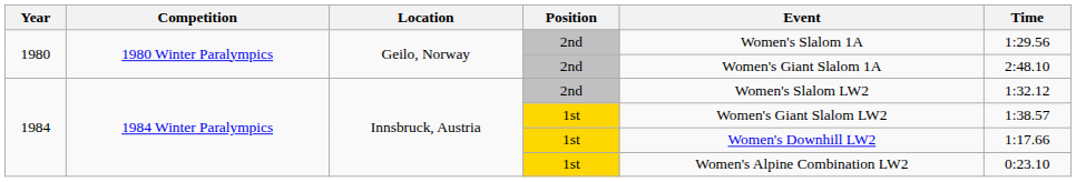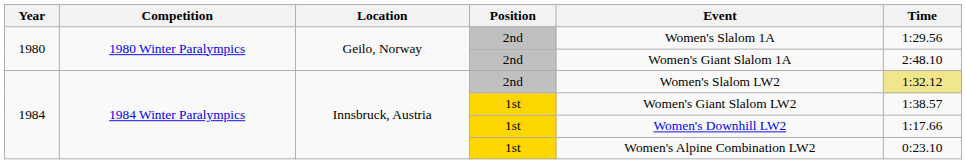 <table class="wikitable" width=65% style="font-size:90%; text-align:center;">
 <tr>
 <th>Year</th>
 <th>Competition</th>
 <th>Location</th>
 <th>Position</th>
 <th>Event</th>
 <th>Time</th>
 </tr>
 <tr>
 <td rowspan=2>1980</td>
 <td rowspan=2><a href='#'>1980 Winter Paralympics</a></td>
 <td rowspan=2>Geilo, Norway</td>
 <td bgcolor=silver>2nd</td>
 <td>Women's Slalom 1A</td>
 <td>1:29.56</td>
 </tr>
 <tr>
 <td bgcolor=silver>2nd</td>
 <td>Women's Giant Slalom 1A</td>
 <td>2:48.10</td>
 </tr>
 <tr>
 <td rowspan=4>1984</td>
 <td rowspan=4><a href='#'>1984 Winter Paralympics</a></td>
 <td rowspan=4>Innsbruck, Austria</td>
 <td bgcolor=silver>2nd</td>
 <td>Women's Slalom LW2</td>
-<td>1:32.12</td>
+<td style="background: khaki;">1:32.12</td>
 </tr>
 <tr>
 <td bgcolor=gold>1st</td>
 <td>Women's Giant Slalom LW2</td>
 <td>1:38.57</td>
 </tr>
 <tr>
 <td bgcolor=gold>1st</td>
 <td><a href='#'>Women's Downhill LW2</a></td>
 <td>1:17.66</td>
 </tr>
 <tr>
 <td bgcolor=gold>1st</td>
 <td>Women's Alpine Combination LW2</td>
 <td>0:23.10</td>
 </tr>
 </table>
